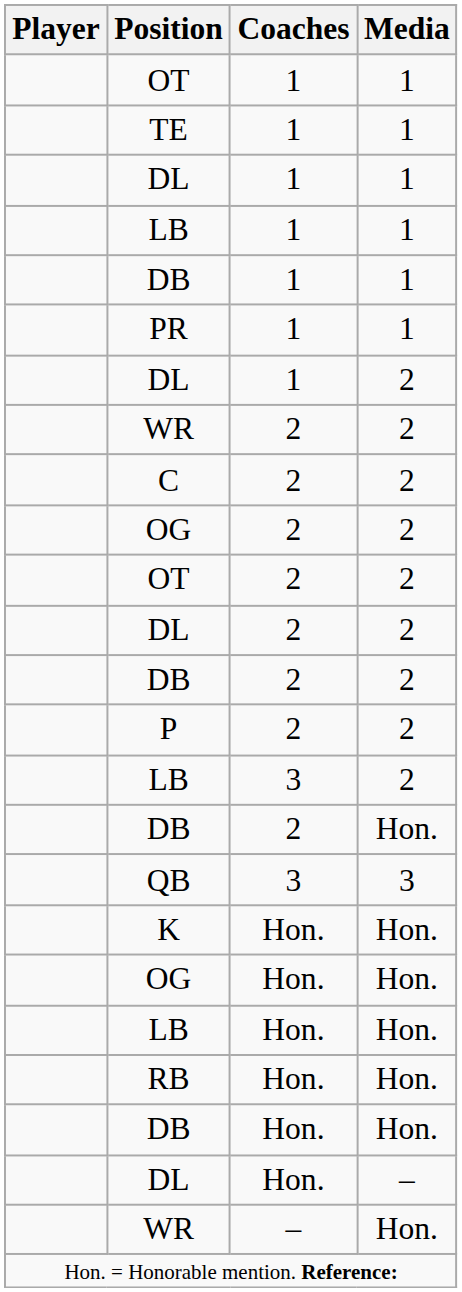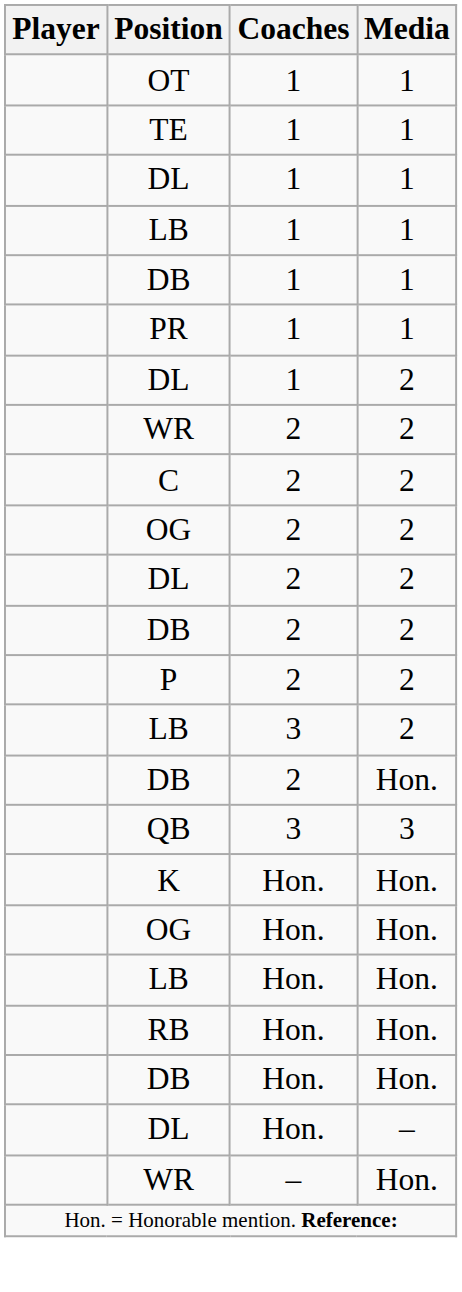 <table class="wikitable sortable sortable" style="text-align: center">
 <tr align=center>
 <th>Player</th>
 <th>Position</th>
 <th>Coaches</th>
 <th>Media</th>
 </tr>
 <tr>
 <td></td>
 <td>OT</td>
 <td>1</td>
 <td>1</td>
 </tr>
 <tr>
 <td></td>
 <td>TE</td>
 <td>1</td>
 <td>1</td>
 </tr>
 <tr>
 <td></td>
 <td>DL</td>
 <td>1</td>
 <td>1</td>
 </tr>
 <tr>
 <td></td>
 <td>LB</td>
 <td>1</td>
 <td>1</td>
 </tr>
 <tr>
 <td></td>
 <td>DB</td>
 <td>1</td>
 <td>1</td>
 </tr>
 <tr>
 <td></td>
 <td>PR</td>
 <td>1</td>
 <td>1</td>
 </tr>
 <tr>
 <td></td>
 <td>DL</td>
 <td>1</td>
 <td>2</td>
 </tr>
 <tr>
 <td></td>
 <td>WR</td>
 <td>2</td>
 <td>2</td>
 </tr>
 <tr>
 <td></td>
 <td>C</td>
 <td>2</td>
 <td>2</td>
 </tr>
 <tr>
 <td></td>
 <td>OG</td>
-<td>2</td>
-<td>2</td>
-</tr>
-<tr>
-<td></td>
-<td>OT</td>
 <td>2</td>
 <td>2</td>
 </tr>
 <tr>
 <td></td>
 <td>DL</td>
 <td>2</td>
 <td>2</td>
 </tr>
 <tr>
 <td></td>
 <td>DB</td>
 <td>2</td>
 <td>2</td>
 </tr>
 <tr>
 <td></td>
 <td>P</td>
 <td>2</td>
 <td>2</td>
 </tr>
 <tr>
 <td></td>
 <td>LB</td>
 <td>3</td>
 <td>2</td>
 </tr>
 <tr>
 <td></td>
 <td>DB</td>
 <td>2</td>
 <td data-sort-value="4">Hon.</td>
 </tr>
 <tr>
 <td></td>
 <td>QB</td>
 <td>3</td>
 <td>3</td>
 </tr>
 <tr>
 <td></td>
 <td>K</td>
 <td data-sort-value="4">Hon.</td>
 <td data-sort-value="4">Hon.</td>
 </tr>
 <tr>
 <td></td>
 <td>OG</td>
 <td data-sort-value="4">Hon.</td>
 <td data-sort-value="4">Hon.</td>
 </tr>
 <tr>
 <td></td>
 <td>LB</td>
 <td data-sort-value="4">Hon.</td>
 <td data-sort-value="4">Hon.</td>
 </tr>
 <tr>
 <td></td>
 <td>RB</td>
 <td data-sort-value="4">Hon.</td>
 <td data-sort-value="4">Hon.</td>
 </tr>
 <tr>
 <td></td>
 <td>DB</td>
 <td data-sort-value="4">Hon.</td>
 <td data-sort-value="4">Hon.</td>
 </tr>
 <tr>
 <td></td>
 <td>DL</td>
 <td data-sort-value="4">Hon.</td>
 <td data-sort-value="5">–</td>
 </tr>
 <tr>
 <td></td>
 <td>WR</td>
 <td data-sort-value="5">–</td>
 <td data-sort-value="4">Hon.</td>
 </tr>
 <tr class="sortbottom">
 <td colspan="4"  style="font-size:8pt; text-align:center;">Hon. = Honorable mention. <strong>Reference:</strong></td>
 </tr>
 </table>
